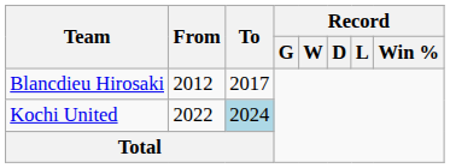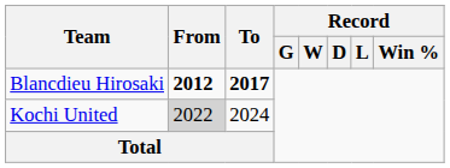 <table class="wikitable" style="text-align: left">
 <tr>
 <th rowspan="2">Team</th>
 <th rowspan="2">From</th>
 <th rowspan="2">To</th>
 <th colspan="8">Record</th>
 </tr>
 <tr>
 <th>G</th>
 <th>W</th>
 <th>D</th>
 <th>L</th>
 <th>Win %</th>
 </tr>
 <tr>
 <td><a href='#'>Blancdieu Hirosaki</a></td>
-<td>2012</td>
-<td>2017<br></td>
+<td><strong>2012</strong></td>
+<td><strong>2017<br></strong></td>
 </tr>
 <tr>
 <td><a href='#'>Kochi United</a></td>
-<td>2022</td>
-<td style="background: lightblue;">2024<br></td>
+<td style="background: lightgrey;">2022</td>
+<td>2024<br></td>
 </tr>
 <tr>
 <th colspan="3">Total<br></th>
 </tr>
 </table>
